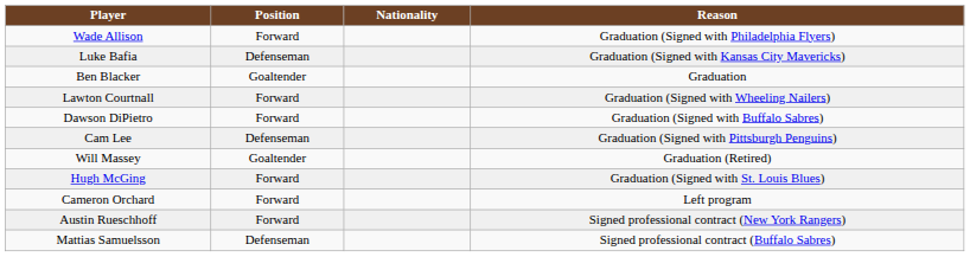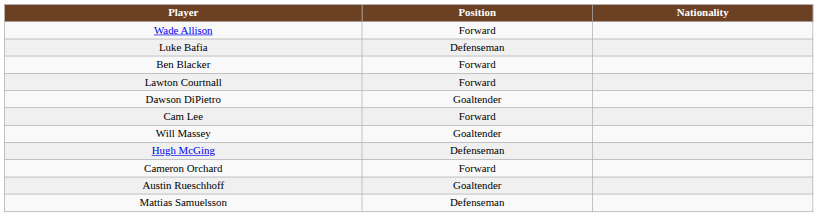 <table class="wikitable" width="60%">
 <tr>
 <th style="color:white; background:#6C4023; ">Player</th>
 <th style="color:white; background:#6C4023; ">Position</th>
 <th style="color:white; background:#6C4023; ">Nationality</th>
-<th style="color:white; background:#6C4023; ">Reason</th>
 </tr>
 <tr align="center" bgcolor="">
 <td><a href='#'>Wade Allison</a></td>
 <td>Forward</td>
 <td></td>
-<td>Graduation (Signed with <a href='#'>Philadelphia Flyers</a>)</td>
 </tr>
 <tr align="center" bgcolor="f0f0f0">
 <td>Luke Bafia</td>
 <td>Defenseman</td>
 <td></td>
-<td>Graduation (Signed with <a href='#'>Kansas City Mavericks</a>)</td>
 </tr>
 <tr align="center" bgcolor="">
 <td>Ben Blacker</td>
-<td>Goaltender</td>
+<td>Forward</td>
 <td></td>
-<td>Graduation</td>
 </tr>
 <tr align="center" bgcolor="f0f0f0">
 <td>Lawton Courtnall</td>
 <td>Forward</td>
 <td></td>
-<td>Graduation (Signed with <a href='#'>Wheeling Nailers</a>)</td>
 </tr>
 <tr align="center" bgcolor="">
 <td>Dawson DiPietro</td>
-<td>Forward</td>
+<td>Goaltender</td>
 <td></td>
-<td>Graduation (Signed with <a href='#'>Buffalo Sabres</a>)</td>
 </tr>
 <tr align="center" bgcolor="f0f0f0">
 <td>Cam Lee</td>
-<td>Defenseman</td>
+<td>Forward</td>
 <td></td>
-<td>Graduation (Signed with <a href='#'>Pittsburgh Penguins</a>)</td>
 </tr>
 <tr align="center" bgcolor="">
 <td>Will Massey</td>
 <td>Goaltender</td>
 <td></td>
-<td>Graduation (Retired)</td>
 </tr>
 <tr align="center" bgcolor="f0f0f0">
 <td><a href='#'>Hugh McGing</a></td>
-<td>Forward</td>
+<td>Defenseman</td>
 <td></td>
-<td>Graduation (Signed with <a href='#'>St. Louis Blues</a>)</td>
 </tr>
 <tr align="center" bgcolor="">
 <td>Cameron Orchard</td>
 <td>Forward</td>
 <td></td>
-<td>Left program</td>
 </tr>
 <tr align="center" bgcolor="f0f0f0">
 <td>Austin Rueschhoff</td>
-<td>Forward</td>
+<td>Goaltender</td>
 <td></td>
-<td>Signed professional contract (<a href='#'>New York Rangers</a>)</td>
 </tr>
 <tr align="center" bgcolor="">
 <td>Mattias Samuelsson</td>
 <td>Defenseman</td>
 <td></td>
-<td>Signed professional contract (<a href='#'>Buffalo Sabres</a>)</td>
 </tr>
 </table>
